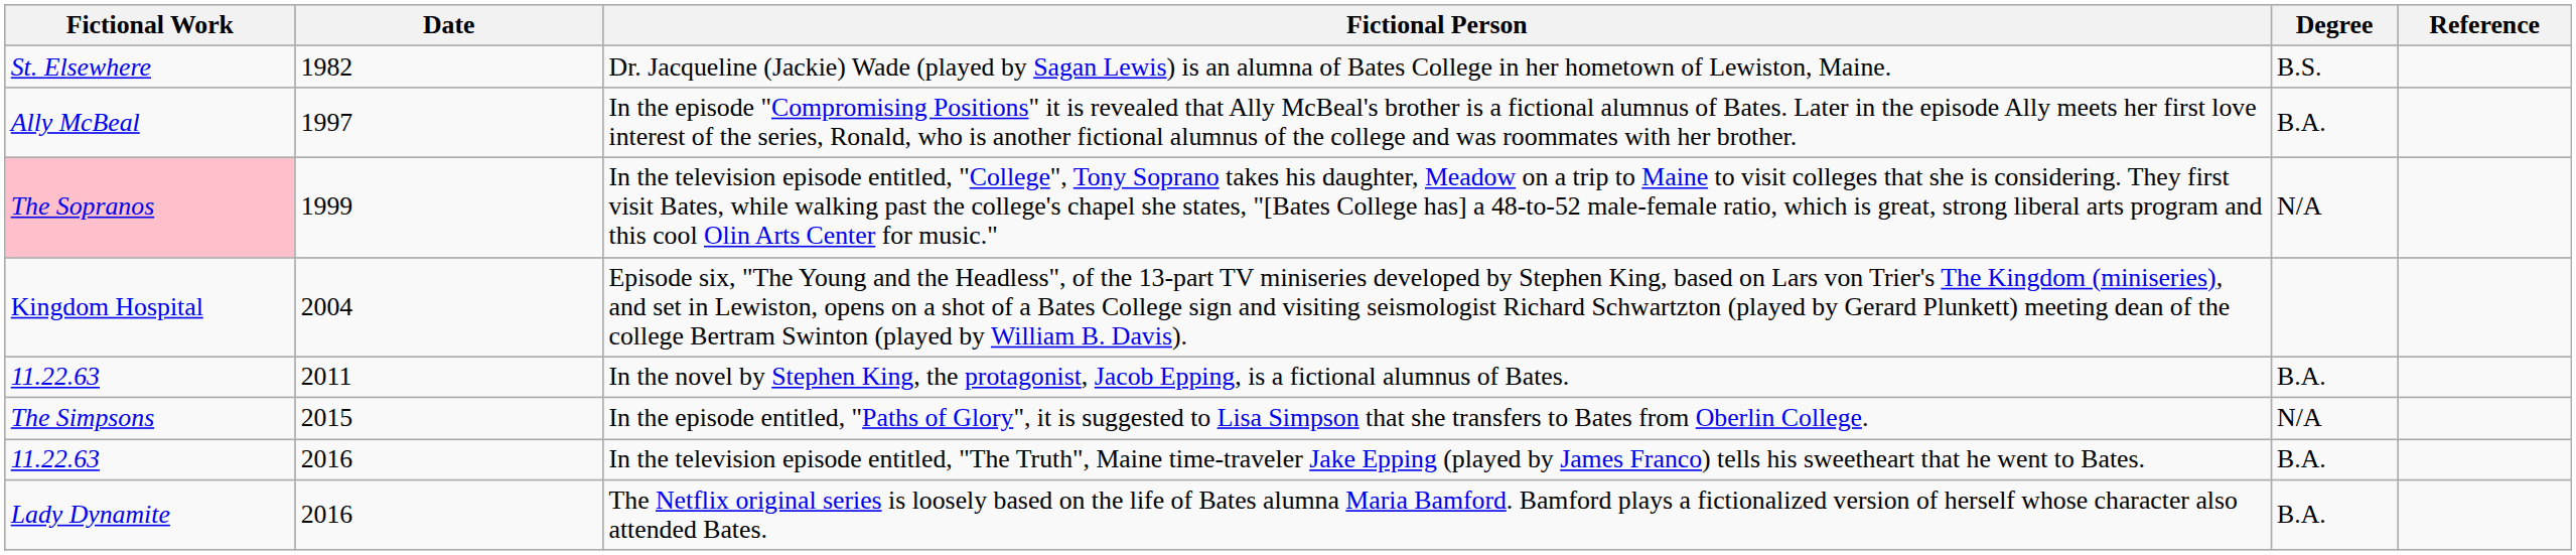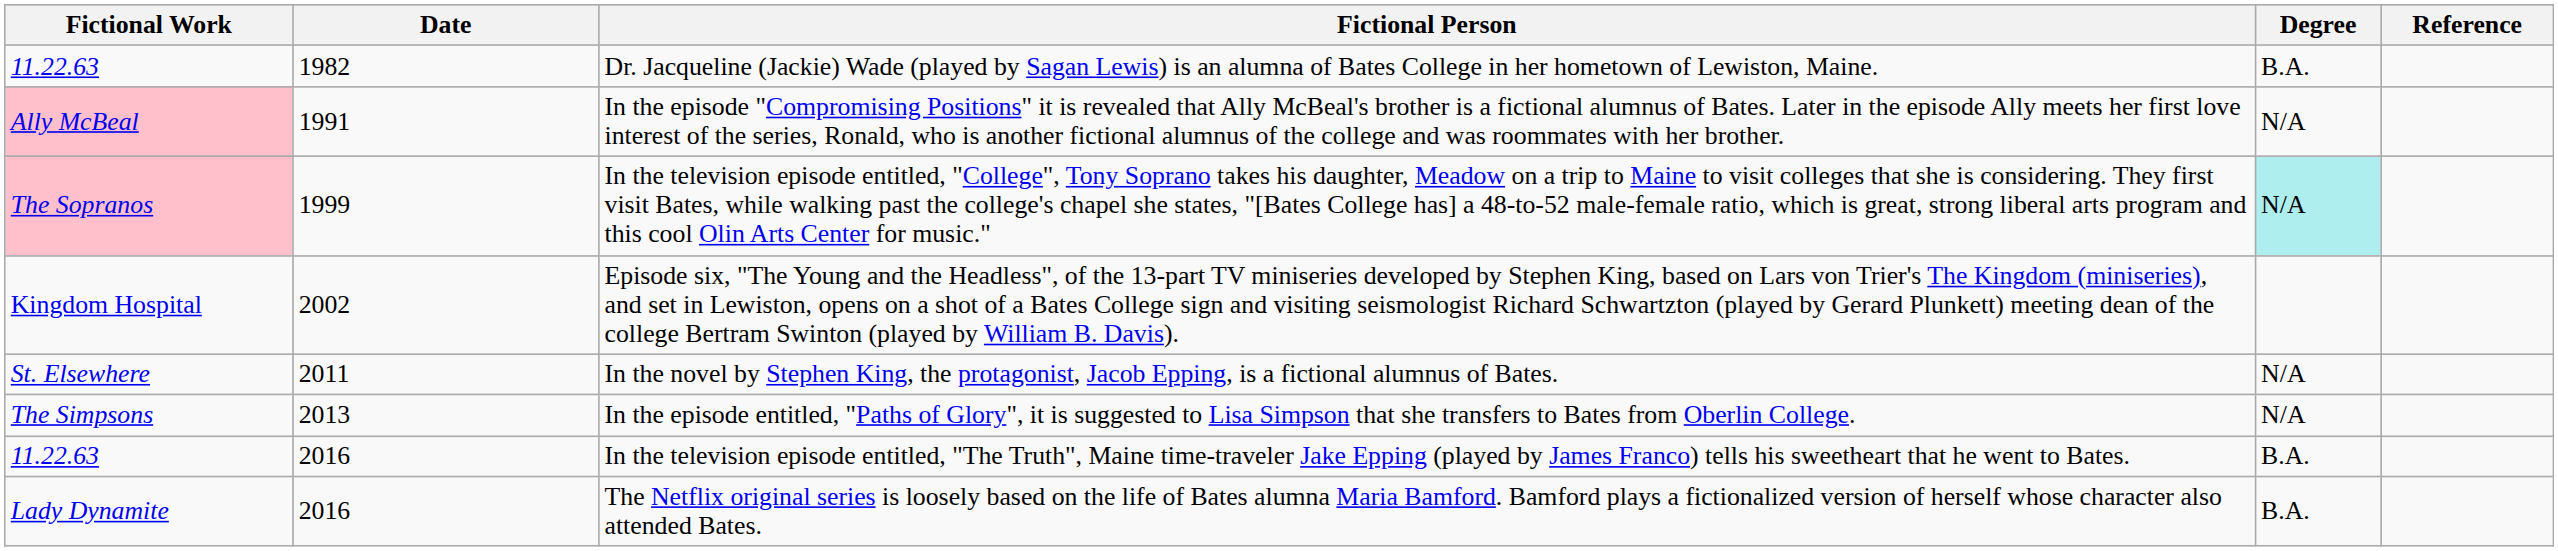 <table class="wikitable" style="width:100%">
 <tr>
 <th style="width:*;">Fictional Work</th>
 <th style="width:12%;">Date</th>
 <th class="unsortable" style="width:65%;">Fictional Person</th>
 <th>Degree</th>
 <th>Reference</th>
 </tr>
 <tr>
-<td><em><a href='#'>St. Elsewhere</a></em></td>
+<td><em><a href='#'>11.22.63</a></em></td>
 <td>1982</td>
 <td>Dr. Jacqueline (Jackie) Wade (played by <a href='#'>Sagan Lewis</a>) is an alumna of Bates College in her hometown of Lewiston, Maine.</td>
-<td>B.S.</td>
+<td>B.A.</td>
 </tr>
 <tr>
-<td><em><a href='#'>Ally McBeal</a></em></td>
-<td>1997</td>
+<td style="background: pink;"><em><a href='#'>Ally McBeal</a></em></td>
+<td>1991</td>
 <td>In the episode "<a href='#'>Compromising Positions</a>" it is revealed that Ally McBeal's brother is a fictional alumnus of Bates. Later in the episode Ally meets her first love interest of the series, Ronald, who is another fictional alumnus of the college and was roommates with her brother.</td>
-<td>B.A.</td>
+<td>N/A</td>
 <td></td>
 </tr>
 <tr>
 <td style="background: pink;"><em><a href='#'>The Sopranos</a></em></td>
 <td>1999</td>
 <td>In the television episode entitled, "<a href='#'>College</a>", <a href='#'>Tony Soprano</a> takes his daughter, <a href='#'>Meadow</a> on a trip to <a href='#'>Maine</a> to visit colleges that she is considering. They first visit Bates, while walking past the college's chapel she states, "[Bates College has] a 48-to-52 male-female ratio, which is great, strong liberal arts program and this cool <a href='#'>Olin Arts Center</a> for music."</td>
+<td style="background: paleturquoise;">N/A</td>
+<td></td>
+</tr>
+<tr>
+<td><a href='#'>Kingdom Hospital</a></td>
+<td>2002</td>
+<td>Episode six, "The Young and the Headless", of the 13-part TV miniseries developed by Stephen King, based on Lars von Trier's <a href='#'>The Kingdom (miniseries)</a>, and set in Lewiston, opens on a shot of a Bates College sign and visiting seismologist Richard Schwartzton (played by Gerard Plunkett) meeting dean of the college Bertram Swinton (played by <a href='#'>William B. Davis</a>).</td>
+<td></td>
+</tr>
+<tr>
+<td><em><a href='#'>St. Elsewhere</a></em></td>
+<td>2011</td>
+<td>In the novel by <a href='#'>Stephen King</a>, the <a href='#'>protagonist</a>, <a href='#'>Jacob Epping</a>, is a fictional alumnus of Bates.</td>
 <td>N/A</td>
 <td></td>
 </tr>
 <tr>
-<td><a href='#'>Kingdom Hospital</a></td>
-<td>2004</td>
-<td>Episode six, "The Young and the Headless", of the 13-part TV miniseries developed by Stephen King, based on Lars von Trier's <a href='#'>The Kingdom (miniseries)</a>, and set in Lewiston, opens on a shot of a Bates College sign and visiting seismologist Richard Schwartzton (played by Gerard Plunkett) meeting dean of the college Bertram Swinton (played by <a href='#'>William B. Davis</a>).</td>
-<td></td>
-</tr>
-<tr>
-<td><em><a href='#'>11.22.63</a></em></td>
-<td>2011</td>
-<td>In the novel by <a href='#'>Stephen King</a>, the <a href='#'>protagonist</a>, <a href='#'>Jacob Epping</a>, is a fictional alumnus of Bates.</td>
-<td>B.A.</td>
-<td></td>
-</tr>
-<tr>
 <td><em><a href='#'>The Simpsons</a></em></td>
-<td>2015</td>
+<td>2013</td>
 <td>In the episode entitled, "<a href='#'>Paths of Glory</a>", it is suggested to <a href='#'>Lisa Simpson</a> that she transfers to Bates from <a href='#'>Oberlin College</a>.</td>
 <td>N/A</td>
 <td></td>
 </tr>
 <tr>
 <td><em><a href='#'>11.22.63</a></em></td>
 <td>2016</td>
 <td>In the television episode entitled, "The Truth", Maine time-traveler <a href='#'>Jake Epping</a> (played by <a href='#'>James Franco</a>) tells his sweetheart that he went to Bates.</td>
 <td>B.A.</td>
 <td></td>
 </tr>
 <tr>
 <td><em><a href='#'>Lady Dynamite</a></em></td>
 <td>2016</td>
 <td>The <a href='#'>Netflix original series</a> is loosely based on the life of Bates alumna <a href='#'>Maria Bamford</a>. Bamford plays a fictionalized version of herself whose character also attended Bates.</td>
 <td>B.A.</td>
 <td></td>
 </tr>
 </table>
